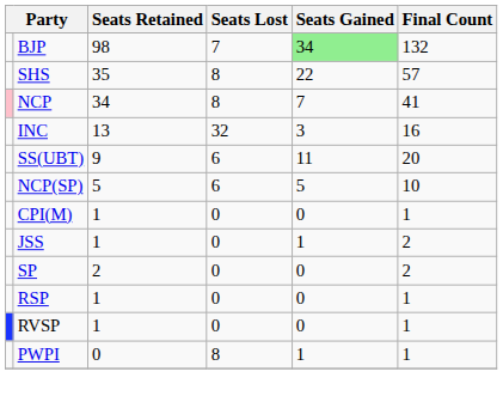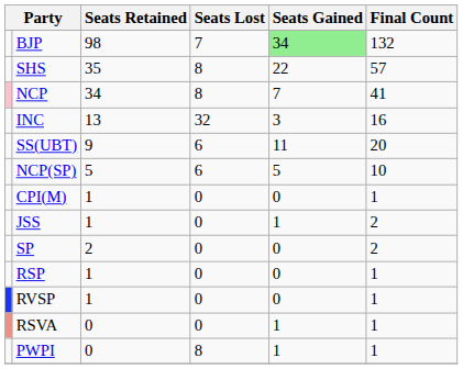 <table class="wikitable">
 <tr>
 <th colspan="2">Party</th>
 <th>Seats Retained</th>
 <th>Seats Lost</th>
 <th>Seats Gained</th>
 <th>Final Count</th>
 </tr>
 <tr>
 <td style="color:inherit;background-color:"></td>
 <td><a href='#'>BJP</a></td>
 <td>98</td>
 <td>7</td>
 <td style="background: lightgreen;">34</td>
 <td>132</td>
 </tr>
 <tr>
 <td style="color:inherit;background-color:"></td>
 <td><a href='#'>SHS</a></td>
 <td>35</td>
 <td>8</td>
 <td>22</td>
 <td>57</td>
 </tr>
 <tr>
 <td style="color:inherit;background-color:#FFC0CB"></td>
 <td><a href='#'>NCP</a></td>
 <td>34</td>
 <td>8</td>
 <td>7</td>
 <td>41</td>
 </tr>
 <tr>
 <td style="color:inherit;background-color:"></td>
 <td><a href='#'>INC</a></td>
 <td>13</td>
 <td>32</td>
 <td>3</td>
 <td>16</td>
 </tr>
 <tr>
 <td style="color:inherit;background-color:"></td>
 <td><a href='#'>SS(UBT)</a></td>
 <td>9</td>
 <td>6</td>
 <td>11</td>
 <td>20</td>
 </tr>
 <tr>
 <td style="color:inherit;background-color:"></td>
 <td><a href='#'>NCP(SP)</a></td>
 <td>5</td>
 <td>6</td>
 <td>5</td>
 <td>10</td>
 </tr>
 <tr>
 <td style="color:inherit;background-color:"></td>
 <td><a href='#'>CPI(M)</a></td>
 <td>1</td>
 <td>0</td>
 <td>0</td>
 <td>1</td>
 </tr>
 <tr>
 <td style="color:inherit;background-color:"></td>
 <td><a href='#'>JSS</a></td>
 <td>1</td>
 <td>0</td>
 <td>1</td>
 <td>2</td>
 </tr>
 <tr>
 <td style="color:inherit;background-color:"></td>
 <td><a href='#'>SP</a></td>
 <td>2</td>
 <td>0</td>
 <td>0</td>
 <td>2</td>
 </tr>
 <tr>
 <td style="color:inherit;background-color:"></td>
 <td><a href='#'>RSP</a></td>
 <td>1</td>
 <td>0</td>
 <td>0</td>
 <td>1</td>
 </tr>
 <tr>
 <td bgcolor=#1A34FF></td>
 <td>RVSP</td>
 <td>1</td>
 <td>0</td>
 <td>0</td>
 <td>1</td>
 </tr>
 <tr>
+<td bgcolor=#F58E7D></td>
+<td>RSVA</td>
+<td>0</td>
+<td>0</td>
+<td>1</td>
+<td>1</td>
+</tr>
+<tr>
 <td style="color:inherit;background-color:"></td>
 <td><a href='#'>PWPI</a></td>
 <td>0</td>
 <td>8</td>
 <td>1</td>
 <td>1</td>
 </tr>
 <tr>
 </tr>
 </table>
